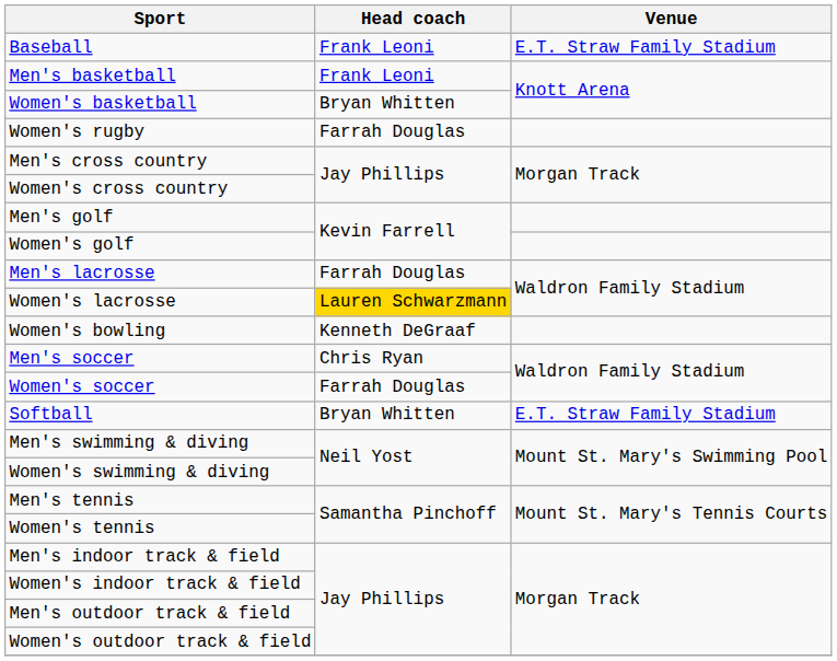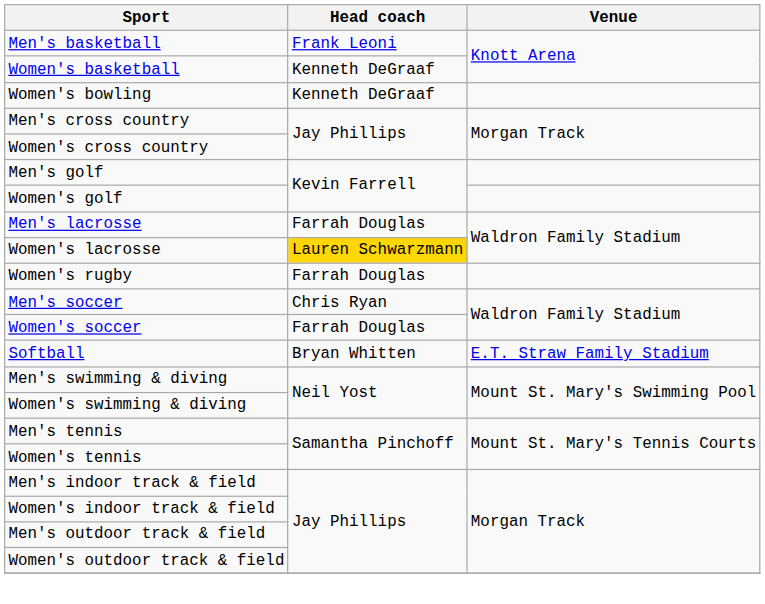 <table class = "wikitable sortable" style="">
 <tr>
 <th width=px>Sport</th>
 <th width=px>Head coach</th>
 <th width=px>Venue</th>
-</tr>
-<tr>
-<td><a href='#'>Baseball</a></td>
-<td><a href='#'>Frank Leoni</a></td>
-<td><a href='#'>E.T. Straw Family Stadium</a></td>
 </tr>
 <tr>
 <td><a href='#'>Men's basketball</a></td>
 <td><a href='#'>Frank Leoni</a></td>
 <td rowspan="2"><a href='#'>Knott Arena</a></td>
 </tr>
 <tr>
 <td><a href='#'>Women's basketball</a></td>
-<td>Bryan Whitten</td>
+<td>Kenneth DeGraaf</td>
 </tr>
 <tr>
-<td>Women's rugby</td>
-<td>Farrah Douglas</td>
+<td>Women's bowling</td>
+<td>Kenneth DeGraaf</td>
 <td></td>
 </tr>
 <tr>
 <td>Men's cross country</td>
 <td rowspan="2">Jay Phillips</td>
 <td rowspan="2">Morgan Track</td>
 </tr>
 <tr>
 <td>Women's cross country</td>
 </tr>
 <tr>
 <td>Men's golf</td>
 <td rowspan="2">Kevin Farrell</td>
 <td></td>
 </tr>
 <tr>
 <td>Women's golf</td>
 <td></td>
 </tr>
 <tr>
 <td><a href='#'>Men's lacrosse</a></td>
 <td>Farrah Douglas</td>
 <td rowspan="2">Waldron Family Stadium</td>
 </tr>
 <tr>
 <td>Women's lacrosse</td>
 <td style="background: gold;">Lauren Schwarzmann</td>
 </tr>
 <tr>
-<td>Women's bowling</td>
-<td>Kenneth DeGraaf</td>
+<td>Women's rugby</td>
+<td>Farrah Douglas</td>
 <td></td>
 </tr>
 <tr>
 <td><a href='#'>Men's soccer</a></td>
 <td>Chris Ryan</td>
 <td rowspan="2">Waldron Family Stadium</td>
 </tr>
 <tr>
 <td><a href='#'>Women's soccer</a></td>
 <td>Farrah Douglas</td>
 </tr>
 <tr>
 <td><a href='#'>Softball</a></td>
 <td>Bryan Whitten</td>
 <td><a href='#'>E.T. Straw Family Stadium</a></td>
 </tr>
 <tr>
 <td>Men's swimming & diving</td>
 <td rowspan="2">Neil Yost</td>
 <td rowspan="2">Mount St. Mary's Swimming Pool</td>
 </tr>
 <tr>
 <td>Women's swimming & diving</td>
 </tr>
 <tr>
 <td>Men's tennis</td>
 <td rowspan="2">Samantha Pinchoff</td>
 <td rowspan="2">Mount St. Mary's Tennis Courts</td>
 </tr>
 <tr>
 <td>Women's tennis</td>
 </tr>
 <tr>
 <td>Men's indoor track & field</td>
 <td rowspan="4">Jay Phillips</td>
 <td rowspan="4">Morgan Track</td>
 </tr>
 <tr>
 <td>Women's indoor track & field</td>
 </tr>
 <tr>
 <td>Men's outdoor track & field</td>
 </tr>
 <tr>
 <td>Women's outdoor track & field</td>
 </tr>
 <tr>
 </tr>
 </table>
